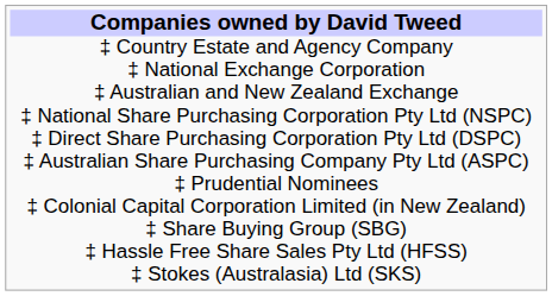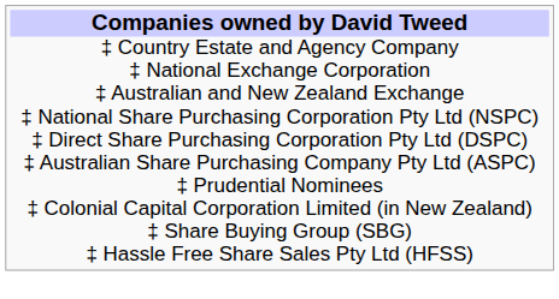 <table class="infobox" style="margin: 0 0 1em 1em; border: 1px solid #aaa;" align="right" cellpadding=0 cellspacing=0>
 <tr>
 <th style="padding: 0 .5em; font-size: 111%; background: #ccf" align="center">Companies owned by David Tweed<br></th>
 </tr>
 <tr>
 <td align="center" style="padding: 0 .5em;">‡ Country Estate and Agency Company</td>
 </tr>
 <tr>
 <td align="center" style="padding: 0 .5em;">‡ National Exchange Corporation</td>
 </tr>
 <tr>
 <td align="center" style="padding: 0 .5em;">‡ Australian and New Zealand Exchange</td>
 </tr>
 <tr>
 <td align="center" style="padding: 0 .5em;">‡ National Share Purchasing Corporation Pty Ltd (NSPC)</td>
 </tr>
 <tr>
 <td align="center" style="padding: 0 .5em;">‡ Direct Share Purchasing Corporation Pty Ltd (DSPC)</td>
 </tr>
 <tr>
 <td align="center" style="padding: 0 .5em;">‡ Australian Share Purchasing Company Pty Ltd (ASPC)</td>
 </tr>
 <tr>
 <td align="center" style="padding: 0 .5em;">‡ Prudential Nominees</td>
 </tr>
 <tr>
 <td align="center" style="padding: 0 .5em;">‡ Colonial Capital Corporation Limited (in New Zealand)</td>
 </tr>
 <tr>
 <td align="center" style="padding: 0 .5em;">‡ Share Buying Group (SBG)</td>
 </tr>
 <tr>
 <td align="center" style="padding: 0 .5em;">‡ Hassle Free Share Sales Pty Ltd (HFSS)</td>
 </tr>
-<tr>
-<td align="center" style="padding: 0 .5em;">‡ Stokes (Australasia) Ltd (SKS)</td>
-<td></td>
-</tr>
 </table>
